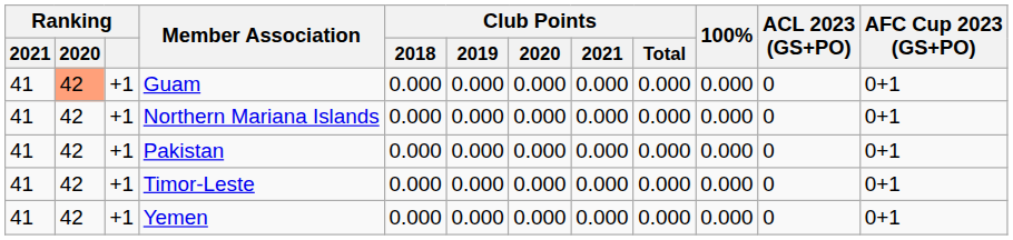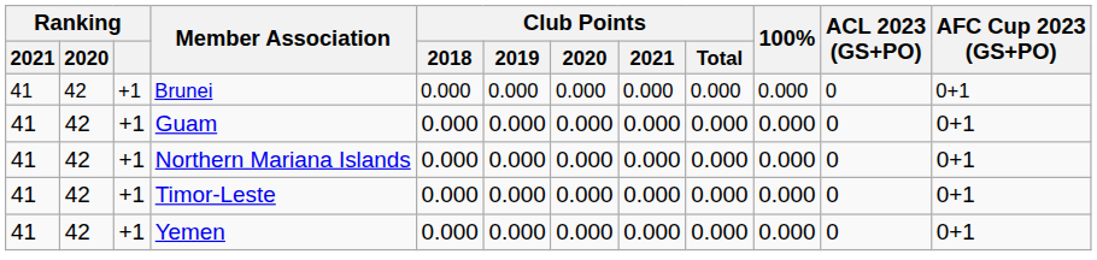 <table class = "wikitable sortable">
 <tr style="font-size: 97%">
 <th colspan="3">Ranking</th>
 <th rowspan="2">Member Association</th>
 <th colspan="5">Club Points</th>
 <th rowspan="2">100%</th>
 <th rowspan="2">ACL 2023 <br> (GS+PO)</th>
 <th rowspan="2">AFC Cup 2023 <br> (GS+PO)</th>
 </tr>
 <tr style="font-size: 88%">
 <th>2021</th>
 <th>2020</th>
 <th data-sort-type="number"></th>
 <th>2018</th>
 <th>2019</th>
 <th>2020</th>
 <th>2021</th>
 <th>Total</th>
 </tr>
+<tr style="font-size: 88%">
+<td>41</td>
+<td>42</td>
+<td> +1</td>
+<td> <a href='#'>Brunei</a></td>
+<td>0.000</td>
+<td>0.000</td>
+<td>0.000</td>
+<td>0.000</td>
+<td>0.000</td>
+<td>0.000</td>
+<td>0</td>
+<td>0+1</td>
+</tr>
 <tr>
 <td>41</td>
-<td style="background: lightsalmon;">42</td>
+<td>42</td>
 <td> +1</td>
 <td> <a href='#'>Guam</a></td>
 <td>0.000</td>
 <td>0.000</td>
 <td>0.000</td>
 <td>0.000</td>
 <td>0.000</td>
 <td>0.000</td>
 <td>0</td>
 <td>0+1</td>
 </tr>
 <tr>
 <td>41</td>
 <td>42</td>
 <td> +1</td>
 <td> <a href='#'>Northern Mariana Islands</a></td>
-<td>0.000</td>
-<td>0.000</td>
-<td>0.000</td>
-<td>0.000</td>
-<td>0.000</td>
-<td>0.000</td>
-<td>0</td>
-<td>0+1</td>
-</tr>
-<tr>
-<td>41</td>
-<td>42</td>
-<td> +1</td>
-<td> <a href='#'>Pakistan</a></td>
 <td>0.000</td>
 <td>0.000</td>
 <td>0.000</td>
 <td>0.000</td>
 <td>0.000</td>
 <td>0.000</td>
 <td>0</td>
 <td>0+1</td>
 </tr>
 <tr>
 <td>41</td>
 <td>42</td>
 <td> +1</td>
 <td> <a href='#'>Timor-Leste</a></td>
 <td>0.000</td>
 <td>0.000</td>
 <td>0.000</td>
 <td>0.000</td>
 <td>0.000</td>
 <td>0.000</td>
 <td>0</td>
 <td>0+1</td>
 </tr>
 <tr>
 <td>41</td>
 <td>42</td>
 <td> +1</td>
 <td> <a href='#'>Yemen</a></td>
 <td>0.000</td>
 <td>0.000</td>
 <td>0.000</td>
 <td>0.000</td>
 <td>0.000</td>
 <td>0.000</td>
 <td>0</td>
 <td>0+1</td>
 </tr>
 </table>
